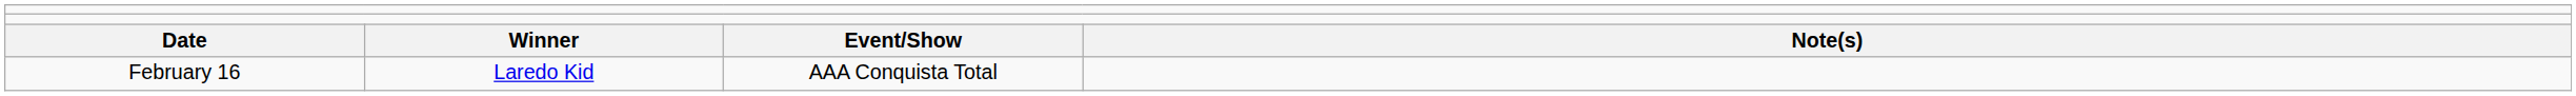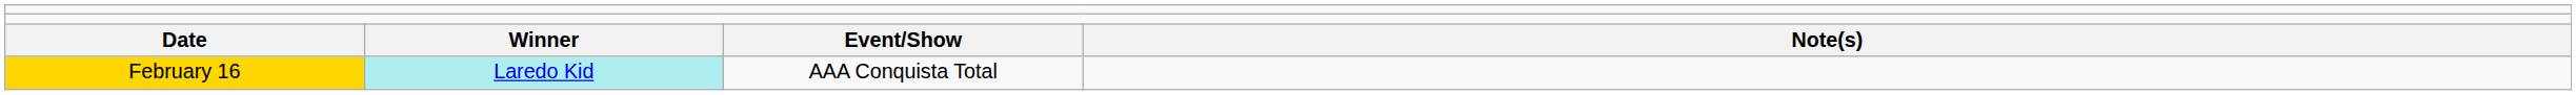 <table class="wikitable" style="text-align:center; width:100%;">
 <tr>
 <td colspan="4"></td>
 </tr>
 <tr>
 <td colspan="4"><strong></strong></td>
 </tr>
 <tr>
 <th width=14%>Date</th>
 <th width=14%>Winner</th>
 <th width=14%>Event/Show</th>
 <th width=58%>Note(s)</th>
 </tr>
 <tr>
-<td>February 16</td>
-<td><a href='#'>Laredo Kid</a></td>
+<td style="background: gold;">February 16</td>
+<td style="background: paleturquoise;"><a href='#'>Laredo Kid</a></td>
 <td>AAA Conquista Total</td>
 <td></td>
 </tr>
 </table>
